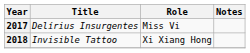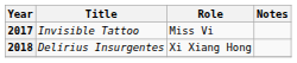 <table class="wikitable plainrowheaders sortable">
 <tr>
 <th scope="col">Year</th>
 <th scope="col">Title</th>
 <th scope="col">Role</th>
 <th scope="col" class="unsortable">Notes</th>
 </tr>
 <tr>
 <th scope="row">2017</th>
-<td><em>Delírius Insurgentes</em></td>
+<td><em>Invisible Tattoo</em></td>
 <td>Miss Vi</td>
 <td></td>
 </tr>
 <tr>
 <th scope="row">2018</th>
-<td><em>Invisible Tattoo</em></td>
+<td><em>Delírius Insurgentes</em></td>
 <td>Xi Xiang Hong</td>
 <td></td>
 </tr>
 <tr>
 </tr>
 </table>
